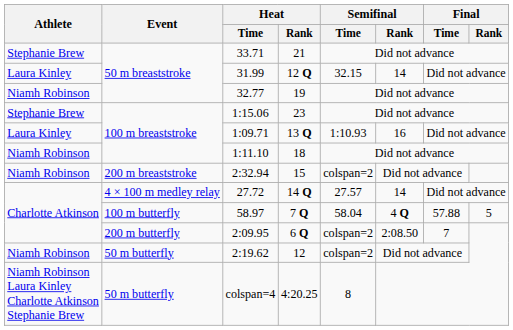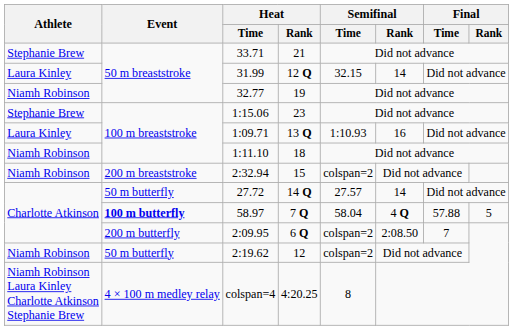 <table class=wikitable style=font-size:90%>
 <tr>
 <th rowspan=2>Athlete</th>
 <th rowspan=2>Event</th>
 <th colspan=2>Heat</th>
 <th colspan=2>Semifinal</th>
 <th colspan=2>Final</th>
 </tr>
 <tr style=font-size:95%>
 <th>Time</th>
 <th>Rank</th>
 <th>Time</th>
 <th>Rank</th>
 <th>Time</th>
 <th>Rank</th>
 </tr>
 <tr align=center>
 <td align=left><a href='#'>Stephanie Brew</a></td>
 <td align=left rowspan=3><a href='#'>50 m breaststroke</a></td>
 <td>33.71</td>
 <td>21</td>
 <td colspan=4>Did not advance</td>
 </tr>
 <tr align=center>
 <td align=left><a href='#'>Laura Kinley</a></td>
 <td>31.99</td>
 <td>12 <strong>Q</strong></td>
 <td>32.15</td>
 <td>14</td>
 <td colspan=2>Did not advance</td>
 </tr>
 <tr align=center>
 <td align=left><a href='#'>Niamh Robinson</a></td>
 <td>32.77</td>
 <td>19</td>
 <td colspan=4>Did not advance</td>
 </tr>
 <tr align=center>
 <td align=left><a href='#'>Stephanie Brew</a></td>
 <td align=left rowspan=3><a href='#'>100 m breaststroke</a></td>
 <td>1:15.06</td>
 <td>23</td>
 <td colspan=4>Did not advance</td>
 </tr>
 <tr align=center>
 <td align=left><a href='#'>Laura Kinley</a></td>
 <td>1:09.71</td>
 <td>13 <strong>Q</strong></td>
 <td>1:10.93</td>
 <td>16</td>
 <td colspan=2>Did not advance</td>
 </tr>
 <tr align=center>
 <td align=left><a href='#'>Niamh Robinson</a></td>
 <td>1:11.10</td>
 <td>18</td>
 <td colspan=4>Did not advance</td>
 </tr>
 <tr align=center>
 <td align=left><a href='#'>Niamh Robinson</a></td>
 <td align=left><a href='#'>200 m breaststroke</a></td>
 <td>2:32.94</td>
 <td>15</td>
 <td>colspan=2 </td>
 <td colspan=2>Did not advance</td>
 </tr>
 <tr align=center>
 <td align=left rowspan=3><a href='#'>Charlotte Atkinson</a></td>
-<td align=left><a href='#'>4 × 100 m medley relay</a></td>
+<td align=left><a href='#'>50 m butterfly</a></td>
 <td>27.72</td>
 <td>14 <strong>Q</strong></td>
 <td>27.57</td>
 <td>14</td>
 <td colspan=2>Did not advance</td>
 </tr>
 <tr align=center>
-<td align=left><a href='#'>100 m butterfly</a></td>
+<td align=left><strong><a href='#'>100 m butterfly</a></strong></td>
 <td>58.97</td>
 <td>7 <strong>Q</strong></td>
 <td>58.04</td>
 <td>4 <strong>Q</strong></td>
 <td>57.88</td>
 <td>5</td>
 </tr>
 <tr align=center>
 <td align=left><a href='#'>200 m butterfly</a></td>
 <td>2:09.95</td>
 <td>6 <strong>Q</strong></td>
 <td>colspan=2 </td>
 <td>2:08.50</td>
 <td>7</td>
 </tr>
 <tr align=center>
 <td align=left><a href='#'>Niamh Robinson</a></td>
 <td align=left><a href='#'>50 m butterfly</a></td>
 <td>2:19.62</td>
 <td>12</td>
 <td>colspan=2 </td>
 <td colspan=2>Did not advance</td>
 </tr>
 <tr align=center>
 <td align=left><a href='#'>Niamh Robinson</a><br><a href='#'>Laura Kinley</a><br><a href='#'>Charlotte Atkinson</a><br><a href='#'>Stephanie Brew</a></td>
-<td align=left><a href='#'>50 m butterfly</a></td>
+<td align=left><a href='#'>4 × 100 m medley relay</a></td>
 <td>colspan=4 </td>
 <td>4:20.25</td>
 <td>8</td>
 </tr>
 </table>
